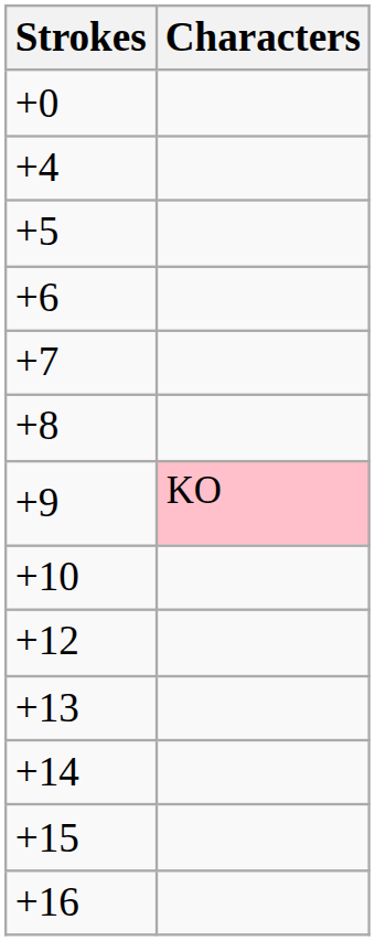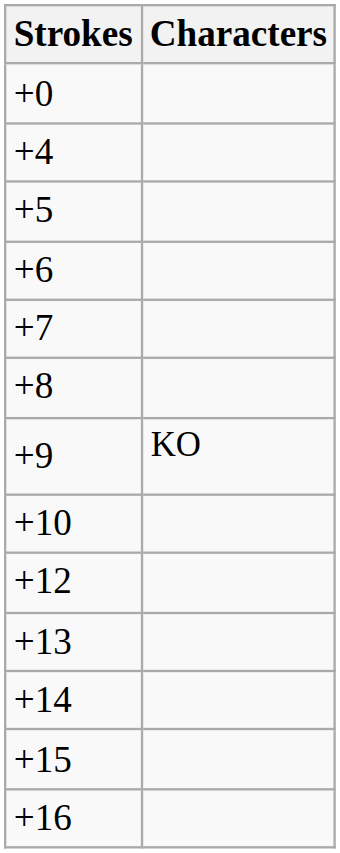 <table class="wikitable">
 <tr>
 <th>Strokes</th>
 <th>Characters</th>
 </tr>
 <tr --->
 <td>+0</td>
 <td style="font-size: large;"></td>
 </tr>
 <tr --->
 <td>+4</td>
 <td style="font-size: large;">  </td>
 </tr>
 <tr --->
 <td>+5</td>
 <td style="font-size: large;">   </td>
 </tr>
 <tr --->
 <td>+6</td>
 <td style="font-size: large;">      </td>
 </tr>
 <tr --->
 <td>+7</td>
 <td style="font-size: large;">       </td>
 </tr>
 <tr --->
 <td>+8</td>
 <td style="font-size: large;"> </td>
 </tr>
 <tr --->
 <td>+9</td>
-<td style="background: pink; font-size: large;">   <sup>KO</sup></td>
+<td style="font-size: large;">   <sup>KO</sup></td>
 </tr>
 <tr --->
 <td>+10</td>
 <td style="font-size: large;"> </td>
 </tr>
 <tr --->
 <td>+12</td>
 <td style="font-size: large;"> </td>
 </tr>
 <tr --->
 <td>+13</td>
 <td style="font-size: large;"></td>
 </tr>
 <tr --->
 <td>+14</td>
 <td style="font-size: large;"></td>
 </tr>
 <tr --->
 <td>+15</td>
 <td style="font-size: large;">  </td>
 </tr>
 <tr --->
 <td>+16</td>
 <td style="font-size: large;"></td>
 </tr>
 </table>
